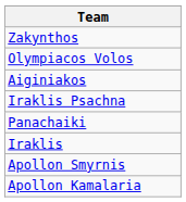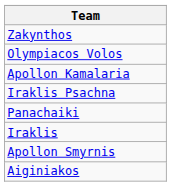 <table class="wikitable" style="float:left; margin-right:1em;">
 <tr>
 </tr>
 <tr>
 <th width=170>Team</th>
 </tr>
 <tr>
 <td><a href='#'>Zakynthos</a></td>
 </tr>
 <tr>
 <td><a href='#'>Olympiacos Volos</a></td>
 </tr>
 <tr>
-<td><a href='#'>Aiginiakos</a></td>
+<td><a href='#'>Apollon Kamalaria</a></td>
 </tr>
 <tr>
 <td><a href='#'>Iraklis Psachna</a></td>
 </tr>
 <tr>
 <td><a href='#'>Panachaiki</a></td>
 </tr>
 <tr>
 <td><a href='#'>Iraklis</a></td>
 </tr>
 <tr>
 <td><a href='#'>Apollon Smyrnis</a></td>
 </tr>
 <tr>
-<td><a href='#'>Apollon Kamalaria</a></td>
+<td><a href='#'>Aiginiakos</a></td>
 </tr>
 </table>
